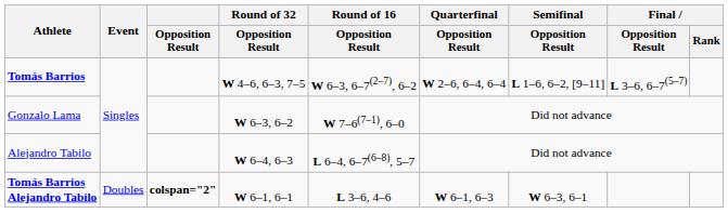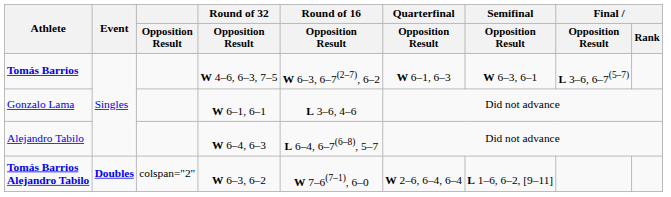 <table class=wikitable style=font-size:90%;text-align:center>
 <tr>
 <th rowspan=2>Athlete</th>
 <th rowspan=2>Event</th>
 <th></th>
 <th>Round of 32</th>
 <th>Round of 16</th>
 <th>Quarterfinal</th>
 <th>Semifinal</th>
 <th colspan=2>Final / </th>
 </tr>
 <tr style=font-size:95%>
 <th>Opposition<br>Result</th>
 <th>Opposition<br>Result</th>
 <th>Opposition<br>Result</th>
 <th>Opposition<br>Result</th>
 <th>Opposition<br>Result</th>
 <th>Opposition<br>Result</th>
 <th>Rank</th>
 </tr>
 <tr>
 <td style="text-align:left"><strong><a href='#'>Tomás Barrios</a></strong></td>
 <td style="text-align:left" rowspan=3><a href='#'>Singles</a></td>
 <td></td>
 <td><br><strong>W</strong> 4–6, 6–3, 7–5</td>
 <td><br><strong>W</strong> 6–3, 6–7<sup>(2–7)</sup>, 6–2</td>
-<td><br><strong>W</strong> 2–6, 6–4, 6–4</td>
-<td><br><strong>L</strong> 1–6, 6–2, [9–11]</td>
+<td><br><strong>W</strong> 6–1, 6–3</td>
+<td><br><strong>W</strong> 6–3, 6–1</td>
 <td><br><strong>L</strong> 3–6, 6–7<sup>(5–7)</sup></td>
 <td></td>
 </tr>
 <tr>
 <td style="text-align:left"><a href='#'>Gonzalo Lama</a></td>
 <td></td>
-<td><br><strong>W</strong> 6–3, 6–2</td>
-<td><br><strong>W</strong> 7–6<sup>(7–1)</sup>, 6–0</td>
+<td><br><strong>W</strong> 6–1, 6–1</td>
+<td><br><strong>L</strong> 3–6, 4–6</td>
 <td colspan=4>Did not advance</td>
 </tr>
 <tr>
 <td style="text-align:left"><a href='#'>Alejandro Tabilo</a></td>
 <td></td>
 <td><br><strong>W</strong> 6–4, 6–3</td>
 <td><br><strong>L</strong> 6–4, 6–7<sup>(6–8)</sup>, 5–7</td>
 <td colspan="4">Did not advance</td>
 </tr>
 <tr>
 <td style="text-align:left"><strong><a href='#'>Tomás Barrios</a><br><a href='#'>Alejandro Tabilo</a></strong></td>
-<td style="text-align:left"><a href='#'>Doubles</a></td>
-<td><strong>colspan="2" </strong></td>
-<td><br><strong>W</strong> 6–1, 6–1</td>
-<td><br><strong>L</strong> 3–6, 4–6</td>
-<td><br><strong>W</strong> 6–1, 6–3</td>
-<td><br><strong>W</strong> 6–3, 6–1</td>
+<td style="text-align:left"><strong><a href='#'>Doubles</a></strong></td>
+<td>colspan="2" </td>
+<td><br><strong>W</strong> 6–3, 6–2</td>
+<td><br><strong>W</strong> 7–6<sup>(7–1)</sup>, 6–0</td>
+<td><br><strong>W</strong> 2–6, 6–4, 6–4</td>
+<td><br><strong>L</strong> 1–6, 6–2, [9–11]</td>
 <td></td>
 </tr>
 </table>
